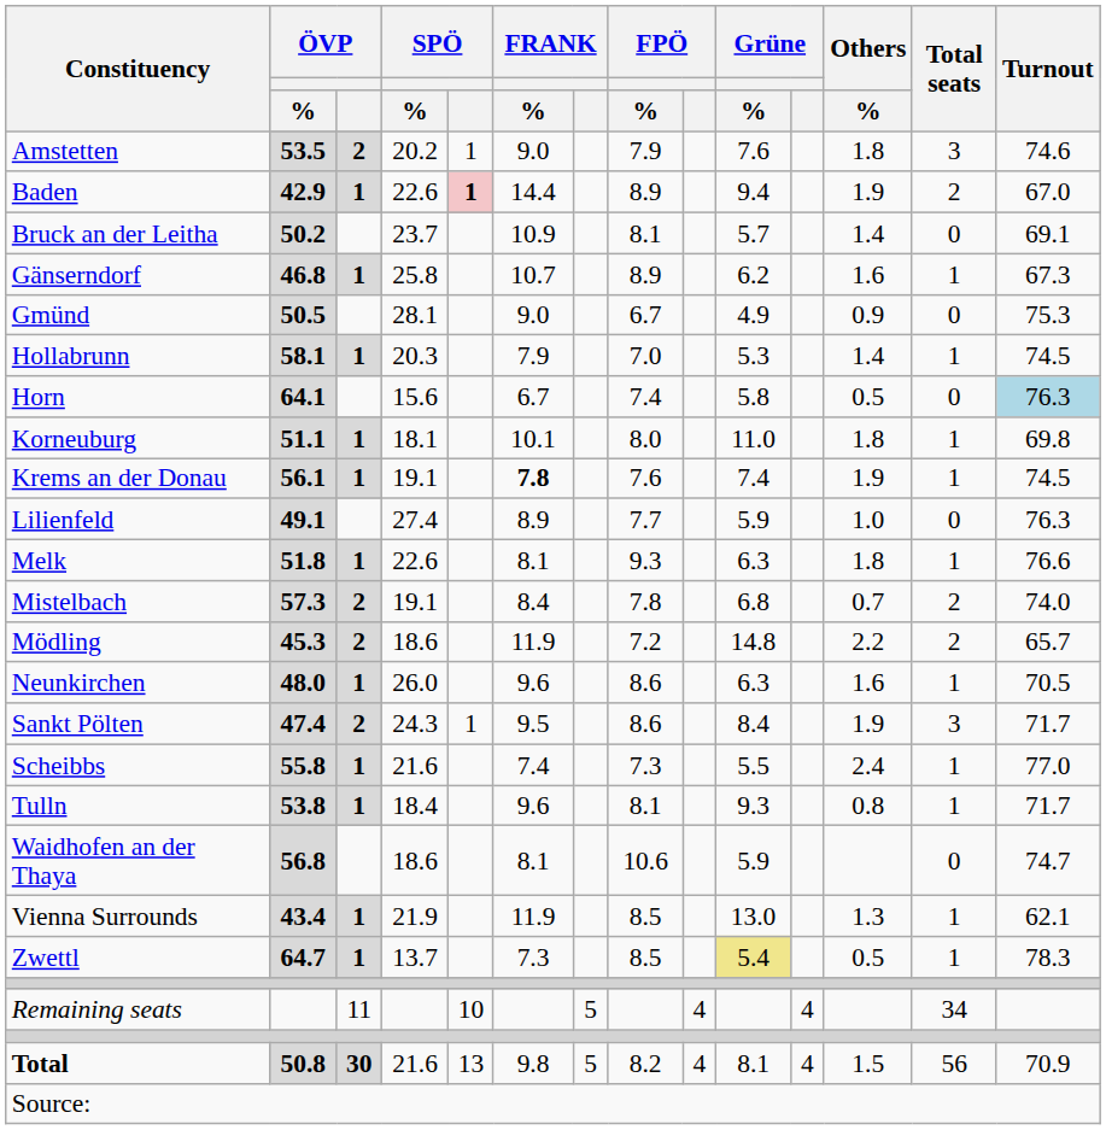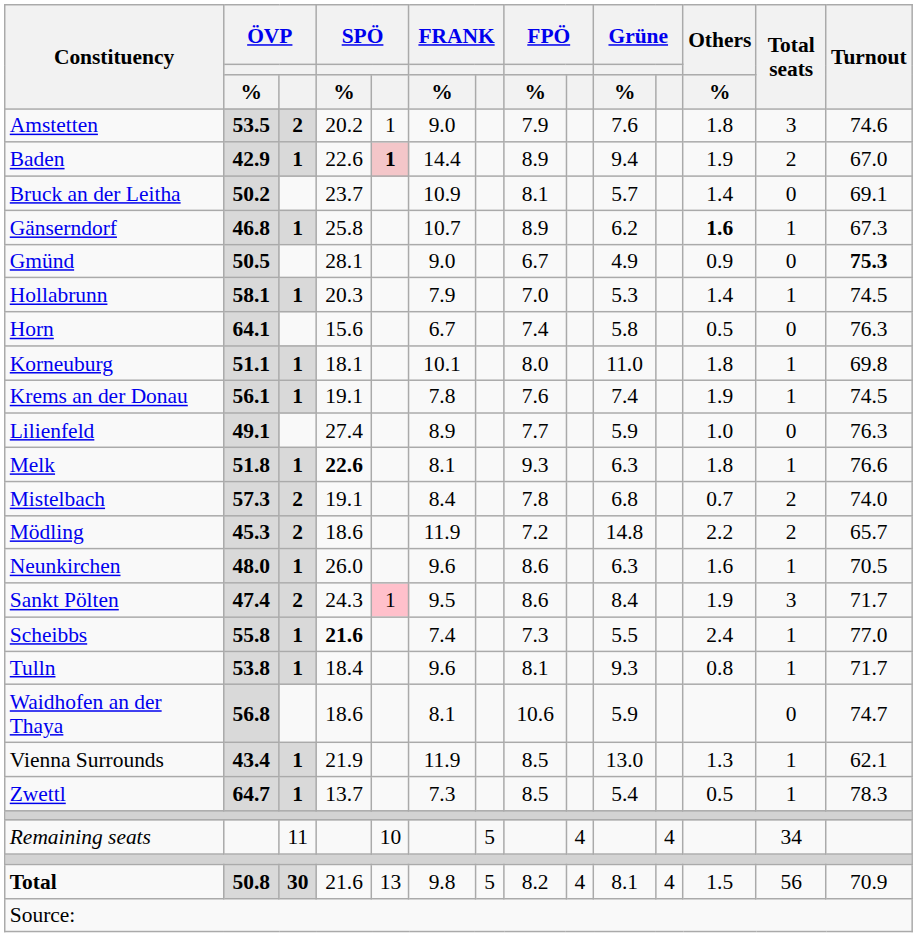 <table class="wikitable" style="text-align:center;font-size:90%;line-height:16px">
 <tr style="height:40px;">
 <th style="width:140px;" rowspan="3">Constituency</th>
 <th style="width:60px;" colspan="2"><a href='#'>ÖVP</a></th>
 <th style="width:60px;" colspan="2"><a href='#'>SPÖ</a></th>
 <th style="width:60px;" colspan="2"><a href='#'>FRANK</a></th>
 <th style="width:60px;" colspan="2"><a href='#'>FPÖ</a></th>
 <th style="width:60px;" colspan="2"><a href='#'>Grüne</a></th>
 <th class="unsortable" style="width:40px;" rowspan="2">Others</th>
 <th class="unsortable" style="width:40px;" rowspan="3">Total<br>seats</th>
 <th class="unsortable" style="width:40px;" rowspan="3">Turnout</th>
 </tr>
 <tr>
 <th colspan="2" style="background:"></th>
 <th colspan="2" style="background:"></th>
 <th colspan="2" style="background:"></th>
 <th colspan="2" style="background:"></th>
 <th colspan="2" style="background:"></th>
 </tr>
 <tr>
 <th class=unsortable>%</th>
 <th class=unsortable></th>
 <th class=unsortable>%</th>
 <th class=unsortable></th>
 <th class=unsortable>%</th>
 <th class=unsortable></th>
 <th class=unsortable>%</th>
 <th class=unsortable></th>
 <th class=unsortable>%</th>
 <th class=unsortable></th>
 <th class=unsortable>%</th>
 </tr>
 <tr>
 <td align=left><a href='#'>Amstetten</a></td>
 <td bgcolor=#D9D9D9><strong>53.5</strong></td>
 <td bgcolor=#D9D9D9><strong>2</strong></td>
 <td>20.2</td>
 <td>1</td>
 <td>9.0</td>
 <td></td>
 <td>7.9</td>
 <td></td>
 <td>7.6</td>
 <td></td>
 <td>1.8</td>
 <td>3</td>
 <td>74.6</td>
 </tr>
 <tr>
 <td align=left><a href='#'>Baden</a></td>
 <td bgcolor=#D9D9D9><strong>42.9</strong></td>
 <td bgcolor=#D9D9D9><strong>1</strong></td>
 <td>22.6</td>
 <td bgcolor=#F4C6C9><strong>1</strong></td>
 <td>14.4</td>
 <td></td>
 <td>8.9</td>
 <td></td>
 <td>9.4</td>
 <td></td>
 <td>1.9</td>
 <td>2</td>
 <td>67.0</td>
 </tr>
 <tr>
 <td align=left><a href='#'>Bruck an der Leitha</a></td>
 <td bgcolor=#D9D9D9><strong>50.2</strong></td>
 <td></td>
 <td>23.7</td>
 <td></td>
 <td>10.9</td>
 <td></td>
 <td>8.1</td>
 <td></td>
 <td>5.7</td>
 <td></td>
 <td>1.4</td>
 <td>0</td>
 <td>69.1</td>
 </tr>
 <tr>
 <td align=left><a href='#'>Gänserndorf</a></td>
 <td bgcolor=#D9D9D9><strong>46.8</strong></td>
 <td bgcolor=#D9D9D9><strong>1</strong></td>
 <td>25.8</td>
 <td></td>
 <td>10.7</td>
 <td></td>
 <td>8.9</td>
 <td></td>
 <td>6.2</td>
 <td></td>
-<td>1.6</td>
+<td><strong>1.6</strong></td>
 <td>1</td>
 <td>67.3</td>
 </tr>
 <tr>
 <td align=left><a href='#'>Gmünd</a></td>
 <td bgcolor=#D9D9D9><strong>50.5</strong></td>
 <td></td>
 <td>28.1</td>
 <td></td>
 <td>9.0</td>
 <td></td>
 <td>6.7</td>
 <td></td>
 <td>4.9</td>
 <td></td>
 <td>0.9</td>
 <td>0</td>
-<td>75.3</td>
+<td><strong>75.3</strong></td>
 </tr>
 <tr>
 <td align=left><a href='#'>Hollabrunn</a></td>
 <td bgcolor=#D9D9D9><strong>58.1</strong></td>
 <td bgcolor=#D9D9D9><strong>1</strong></td>
 <td>20.3</td>
 <td></td>
 <td>7.9</td>
 <td></td>
 <td>7.0</td>
 <td></td>
 <td>5.3</td>
 <td></td>
 <td>1.4</td>
 <td>1</td>
 <td>74.5</td>
 </tr>
 <tr>
 <td align=left><a href='#'>Horn</a></td>
 <td bgcolor=#D9D9D9><strong>64.1</strong></td>
 <td></td>
 <td>15.6</td>
 <td></td>
 <td>6.7</td>
 <td></td>
 <td>7.4</td>
 <td></td>
 <td>5.8</td>
 <td></td>
 <td>0.5</td>
 <td>0</td>
-<td style="background: lightblue;">76.3</td>
+<td>76.3</td>
 </tr>
 <tr>
 <td align=left><a href='#'>Korneuburg</a></td>
 <td bgcolor=#D9D9D9><strong>51.1</strong></td>
 <td bgcolor=#D9D9D9><strong>1</strong></td>
 <td>18.1</td>
 <td></td>
 <td>10.1</td>
 <td></td>
 <td>8.0</td>
 <td></td>
 <td>11.0</td>
 <td></td>
 <td>1.8</td>
 <td>1</td>
 <td>69.8</td>
 </tr>
 <tr>
 <td align=left><a href='#'>Krems an der Donau</a></td>
 <td bgcolor=#D9D9D9><strong>56.1</strong></td>
 <td bgcolor=#D9D9D9><strong>1</strong></td>
 <td>19.1</td>
 <td></td>
-<td><strong>7.8</strong></td>
+<td>7.8</td>
 <td></td>
 <td>7.6</td>
 <td></td>
 <td>7.4</td>
 <td></td>
 <td>1.9</td>
 <td>1</td>
 <td>74.5</td>
 </tr>
 <tr>
 <td align=left><a href='#'>Lilienfeld</a></td>
 <td bgcolor=#D9D9D9><strong>49.1</strong></td>
 <td></td>
 <td>27.4</td>
 <td></td>
 <td>8.9</td>
 <td></td>
 <td>7.7</td>
 <td></td>
 <td>5.9</td>
 <td></td>
 <td>1.0</td>
 <td>0</td>
 <td>76.3</td>
 </tr>
 <tr>
 <td align=left><a href='#'>Melk</a></td>
 <td bgcolor=#D9D9D9><strong>51.8</strong></td>
 <td bgcolor=#D9D9D9><strong>1</strong></td>
-<td>22.6</td>
+<td><strong>22.6</strong></td>
 <td></td>
 <td>8.1</td>
 <td></td>
 <td>9.3</td>
 <td></td>
 <td>6.3</td>
 <td></td>
 <td>1.8</td>
 <td>1</td>
 <td>76.6</td>
 </tr>
 <tr>
 <td align=left><a href='#'>Mistelbach</a></td>
 <td bgcolor=#D9D9D9><strong>57.3</strong></td>
 <td bgcolor=#D9D9D9><strong>2</strong></td>
 <td>19.1</td>
 <td></td>
 <td>8.4</td>
 <td></td>
 <td>7.8</td>
 <td></td>
 <td>6.8</td>
 <td></td>
 <td>0.7</td>
 <td>2</td>
 <td>74.0</td>
 </tr>
 <tr>
 <td align=left><a href='#'>Mödling</a></td>
 <td bgcolor=#D9D9D9><strong>45.3</strong></td>
 <td bgcolor=#D9D9D9><strong>2</strong></td>
 <td>18.6</td>
 <td></td>
 <td>11.9</td>
 <td></td>
 <td>7.2</td>
 <td></td>
 <td>14.8</td>
 <td></td>
 <td>2.2</td>
 <td>2</td>
 <td>65.7</td>
 </tr>
 <tr>
 <td align=left><a href='#'>Neunkirchen</a></td>
 <td bgcolor=#D9D9D9><strong>48.0</strong></td>
 <td bgcolor=#D9D9D9><strong>1</strong></td>
 <td>26.0</td>
 <td></td>
 <td>9.6</td>
 <td></td>
 <td>8.6</td>
 <td></td>
 <td>6.3</td>
 <td></td>
 <td>1.6</td>
 <td>1</td>
 <td>70.5</td>
 </tr>
 <tr>
 <td align=left><a href='#'>Sankt Pölten</a></td>
 <td bgcolor=#D9D9D9><strong>47.4</strong></td>
 <td bgcolor=#D9D9D9><strong>2</strong></td>
 <td>24.3</td>
-<td>1</td>
+<td style="background: pink;">1</td>
 <td>9.5</td>
 <td></td>
 <td>8.6</td>
 <td></td>
 <td>8.4</td>
 <td></td>
 <td>1.9</td>
 <td>3</td>
 <td>71.7</td>
 </tr>
 <tr>
 <td align=left><a href='#'>Scheibbs</a></td>
 <td bgcolor=#D9D9D9><strong>55.8</strong></td>
 <td bgcolor=#D9D9D9><strong>1</strong></td>
-<td>21.6</td>
+<td><strong>21.6</strong></td>
 <td></td>
 <td>7.4</td>
 <td></td>
 <td>7.3</td>
 <td></td>
 <td>5.5</td>
 <td></td>
 <td>2.4</td>
 <td>1</td>
 <td>77.0</td>
 </tr>
 <tr>
 <td align=left><a href='#'>Tulln</a></td>
 <td bgcolor=#D9D9D9><strong>53.8</strong></td>
 <td bgcolor=#D9D9D9><strong>1</strong></td>
 <td>18.4</td>
 <td></td>
 <td>9.6</td>
 <td></td>
 <td>8.1</td>
 <td></td>
 <td>9.3</td>
 <td></td>
 <td>0.8</td>
 <td>1</td>
 <td>71.7</td>
 </tr>
 <tr>
 <td align=left><a href='#'>Waidhofen an der Thaya</a></td>
 <td bgcolor=#D9D9D9><strong>56.8</strong></td>
 <td></td>
 <td>18.6</td>
 <td></td>
 <td>8.1</td>
 <td></td>
 <td>10.6</td>
 <td></td>
 <td>5.9</td>
 <td></td>
 <td></td>
 <td>0</td>
 <td>74.7</td>
 </tr>
 <tr>
 <td align=left>Vienna Surrounds</td>
 <td bgcolor=#D9D9D9><strong>43.4</strong></td>
 <td bgcolor=#D9D9D9><strong>1</strong></td>
 <td>21.9</td>
 <td></td>
 <td>11.9</td>
 <td></td>
 <td>8.5</td>
 <td></td>
 <td>13.0</td>
 <td></td>
 <td>1.3</td>
 <td>1</td>
 <td>62.1</td>
 </tr>
 <tr>
 <td align=left><a href='#'>Zwettl</a></td>
 <td bgcolor=#D9D9D9><strong>64.7</strong></td>
 <td bgcolor=#D9D9D9><strong>1</strong></td>
 <td>13.7</td>
 <td></td>
 <td>7.3</td>
 <td></td>
 <td>8.5</td>
 <td></td>
-<td style="background: khaki;">5.4</td>
+<td>5.4</td>
 <td></td>
 <td>0.5</td>
 <td>1</td>
 <td>78.3</td>
 </tr>
 <tr>
 <td colspan=14 bgcolor=lightgrey></td>
 </tr>
 <tr>
 <td align=left><em>Remaining seats</em></td>
 <td></td>
 <td>11</td>
 <td></td>
 <td>10</td>
 <td></td>
 <td>5</td>
 <td></td>
 <td>4</td>
 <td></td>
 <td>4</td>
 <td></td>
 <td>34</td>
 <td></td>
 </tr>
 <tr>
 <td colspan=14 bgcolor=lightgrey></td>
 </tr>
 <tr>
 <td align=left><strong>Total</strong></td>
 <td bgcolor=#D9D9D9><strong>50.8</strong></td>
 <td bgcolor=#D9D9D9><strong>30</strong></td>
 <td>21.6</td>
 <td>13</td>
 <td>9.8</td>
 <td>5</td>
 <td>8.2</td>
 <td>4</td>
 <td>8.1</td>
 <td>4</td>
 <td>1.5</td>
 <td>56</td>
 <td>70.9</td>
 </tr>
 <tr class=sortbottom>
 <td colspan=14 align=left>Source: </td>
 </tr>
 </table>
